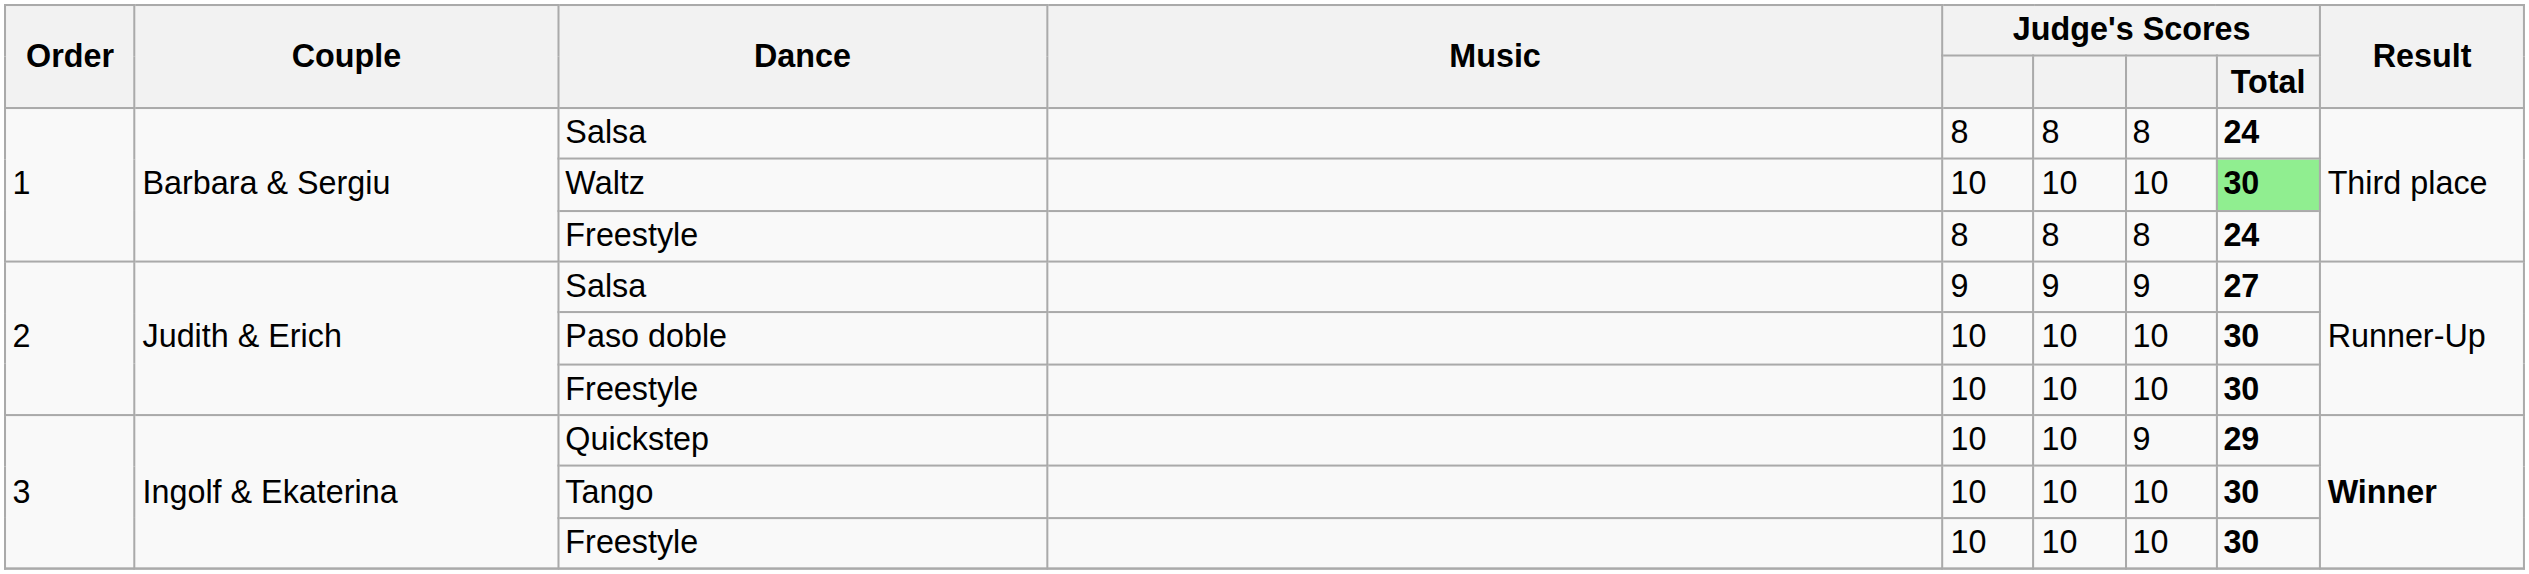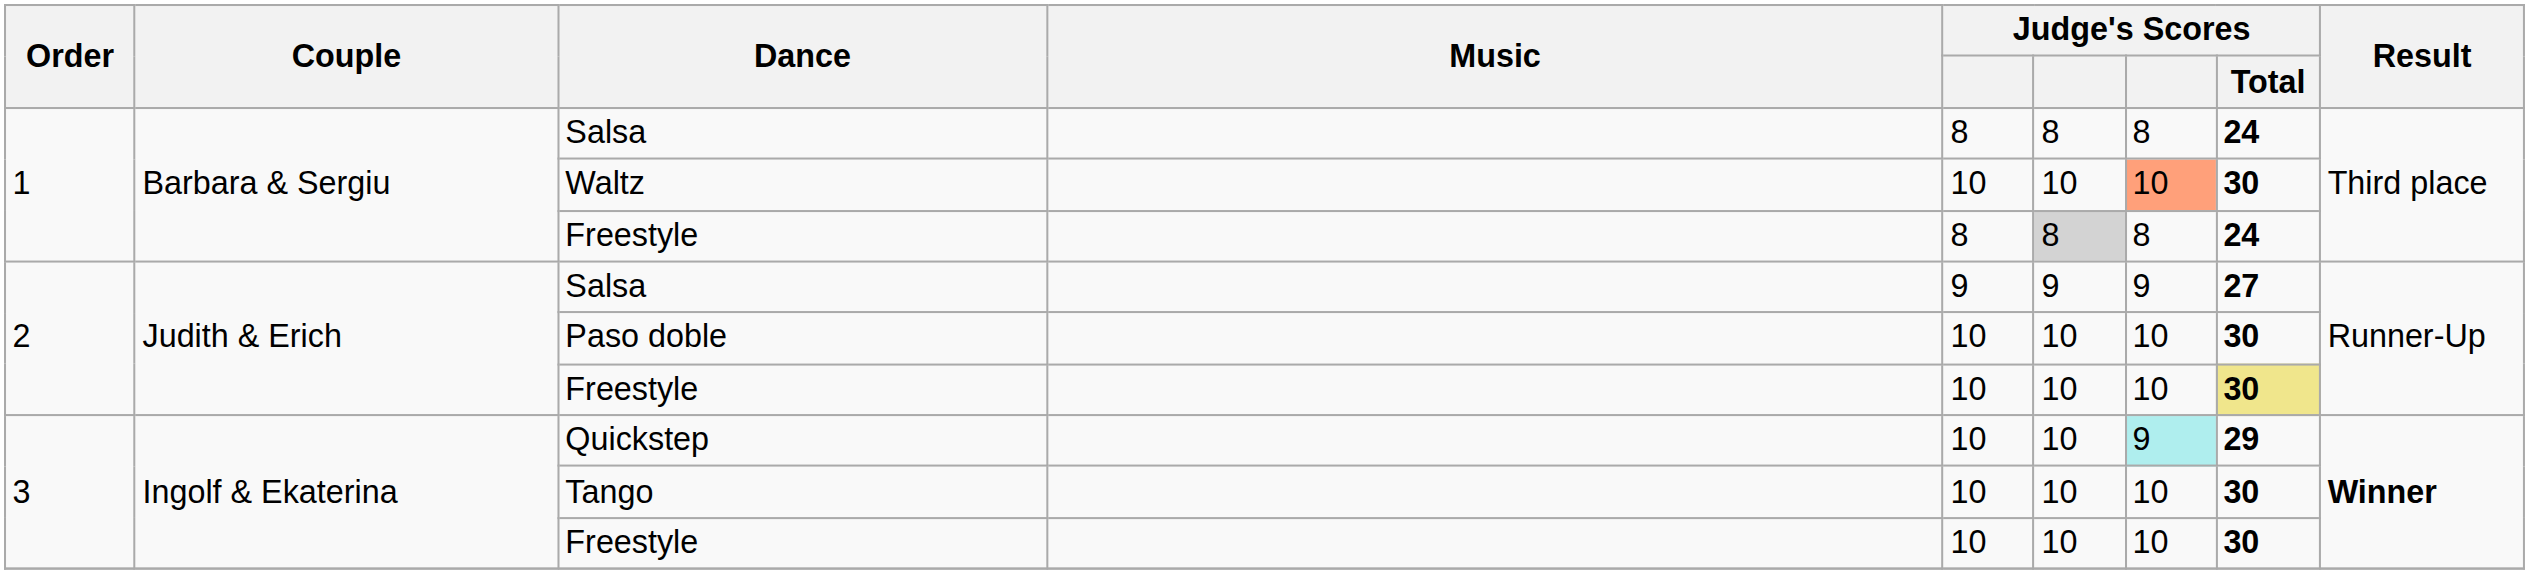 <table class="wikitable unsortable center">
 <tr>
 <th rowspan="2" style="width: 4em">Order</th>
 <th rowspan="2" style="width: 17em">Couple</th>
 <th rowspan="2" style="width: 20em">Dance</th>
 <th rowspan="2" style="width: 40em">Music</th>
 <th colspan="4">Judge's Scores</th>
 <th rowspan="2" style="width: 7em">Result</th>
 </tr>
 <tr>
 <th style="width: 3em"><small></small></th>
 <th style="width: 3em"><small></small></th>
 <th style="width: 3em"><small></small></th>
 <th style="width: 3em">Total</th>
 </tr>
 <tr>
 <td rowspan=3>1</td>
 <td rowspan=3>Barbara & Sergiu</td>
 <td>Salsa</td>
 <td></td>
 <td>8</td>
 <td>8</td>
 <td>8</td>
 <td><strong>24</strong></td>
 <td rowspan=3>Third place</td>
 </tr>
 <tr>
 <td>Waltz</td>
 <td></td>
 <td>10</td>
 <td>10</td>
-<td>10</td>
-<td style="background: lightgreen;"><strong>30</strong></td>
+<td style="background: lightsalmon;">10</td>
+<td><strong>30</strong></td>
 </tr>
 <tr>
 <td>Freestyle</td>
 <td></td>
 <td>8</td>
-<td>8</td>
+<td style="background: lightgrey;">8</td>
 <td>8</td>
 <td><strong>24</strong></td>
 </tr>
 <tr>
 <td rowspan=3>2</td>
 <td rowspan=3>Judith & Erich</td>
 <td>Salsa</td>
 <td></td>
 <td>9</td>
 <td>9</td>
 <td>9</td>
 <td><strong>27</strong></td>
 <td rowspan=3>Runner-Up</td>
 </tr>
 <tr>
 <td>Paso doble</td>
 <td></td>
 <td>10</td>
 <td>10</td>
 <td>10</td>
 <td><strong>30</strong></td>
 </tr>
 <tr>
 <td>Freestyle</td>
 <td></td>
 <td>10</td>
 <td>10</td>
 <td>10</td>
-<td><strong>30</strong></td>
+<td style="background: khaki;"><strong>30</strong></td>
 </tr>
 <tr>
 <td rowspan=3>3</td>
 <td rowspan=3>Ingolf & Ekaterina</td>
 <td>Quickstep</td>
 <td></td>
 <td>10</td>
 <td>10</td>
-<td>9</td>
+<td style="background: paleturquoise;">9</td>
 <td><strong>29</strong></td>
 <td rowspan=3><strong>Winner</strong></td>
 </tr>
 <tr>
 <td>Tango</td>
 <td></td>
 <td>10</td>
 <td>10</td>
 <td>10</td>
 <td><strong>30</strong></td>
 </tr>
 <tr>
 <td>Freestyle</td>
 <td></td>
 <td>10</td>
 <td>10</td>
 <td>10</td>
 <td><strong>30</strong></td>
 </tr>
 <tr>
 </tr>
 </table>
